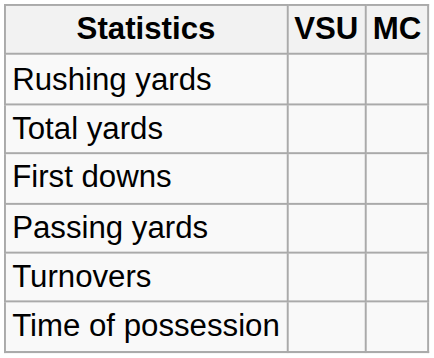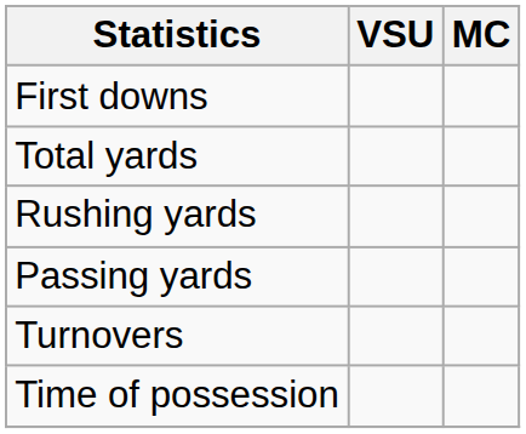 <table class="wikitable">
 <tr>
 <th>Statistics</th>
 <th>VSU</th>
 <th>MC</th>
 </tr>
 <tr>
-<td>Rushing yards</td>
+<td>First downs</td>
 <td></td>
 <td></td>
 </tr>
 <tr>
 <td>Total yards</td>
 <td></td>
 <td></td>
 </tr>
 <tr>
-<td>First downs</td>
+<td>Rushing yards</td>
 <td></td>
 <td></td>
 </tr>
 <tr>
 <td>Passing yards</td>
 <td></td>
 <td></td>
 </tr>
 <tr>
 <td>Turnovers</td>
 <td></td>
 <td></td>
 </tr>
 <tr>
 <td>Time of possession</td>
 <td></td>
 <td></td>
 </tr>
 <tr>
 </tr>
 </table>
